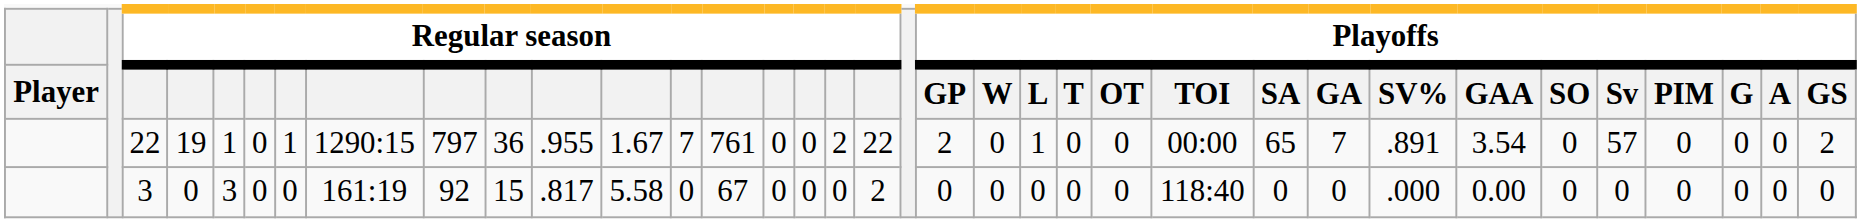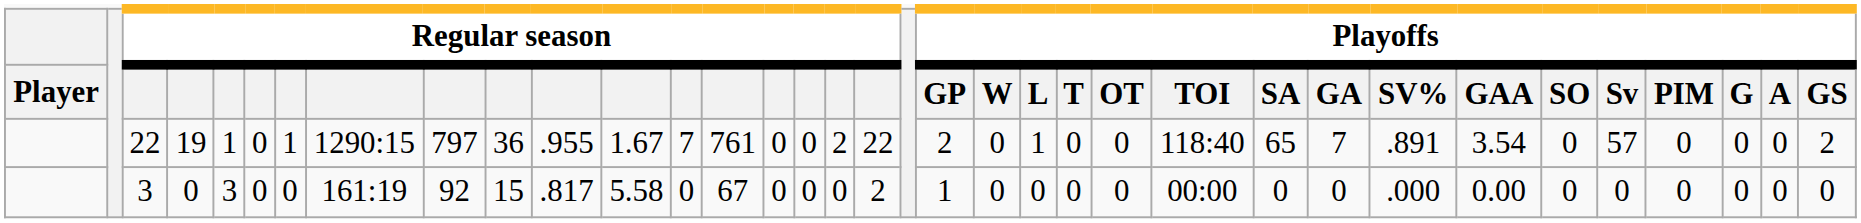 <table class="wikitable" style="text-align:center; width: 60em">
 <tr>
 <th></th>
 <th rowspan="4"></th>
 <th colspan="16" style="background:#fff; border-top:#FDB825 5px solid;border-bottom:#000 5px solid;">Regular season</th>
 <th rowspan="4" bgcolor="#fff"></th>
 <th colspan="16" style="background:#fff; border-top:#FDB825 5px solid;border-bottom:#000 5px solid;">Playoffs</th>
 </tr>
 <tr>
 <th>Player</th>
 <th></th>
 <th></th>
 <th></th>
 <th></th>
 <th></th>
 <th></th>
 <th></th>
 <th></th>
 <th></th>
 <th></th>
 <th></th>
 <th></th>
 <th></th>
 <th></th>
 <th></th>
 <th></th>
 <th>GP</th>
 <th>W</th>
 <th>L</th>
 <th>T</th>
 <th>OT</th>
 <th>TOI</th>
 <th>SA</th>
 <th>GA</th>
 <th>SV%</th>
 <th>GAA</th>
 <th>SO</th>
 <th>Sv</th>
 <th>PIM</th>
 <th>G</th>
 <th>A</th>
 <th>GS</th>
 </tr>
 <tr>
 <td style="text-align:left;"></td>
 <td>22</td>
 <td>19</td>
 <td>1</td>
 <td>0</td>
 <td>1</td>
 <td>1290:15</td>
 <td>797</td>
 <td>36</td>
 <td>.955</td>
 <td>1.67</td>
 <td>7</td>
 <td>761</td>
 <td>0</td>
 <td>0</td>
 <td>2</td>
 <td>22</td>
 <td>2</td>
 <td>0</td>
 <td>1</td>
 <td>0</td>
 <td>0</td>
-<td>00:00</td>
+<td>118:40</td>
 <td>65</td>
 <td>7</td>
 <td>.891</td>
 <td>3.54</td>
 <td>0</td>
 <td>57</td>
 <td>0</td>
 <td>0</td>
 <td>0</td>
 <td>2</td>
 </tr>
 <tr>
 <td style="text-align:left;"></td>
 <td>3</td>
 <td>0</td>
 <td>3</td>
 <td>0</td>
 <td>0</td>
 <td>161:19</td>
 <td>92</td>
 <td>15</td>
 <td>.817</td>
 <td>5.58</td>
 <td>0</td>
 <td>67</td>
 <td>0</td>
 <td>0</td>
 <td>0</td>
 <td>2</td>
+<td>1</td>
 <td>0</td>
 <td>0</td>
 <td>0</td>
 <td>0</td>
-<td>0</td>
-<td>118:40</td>
+<td>00:00</td>
 <td>0</td>
 <td>0</td>
 <td>.000</td>
 <td>0.00</td>
 <td>0</td>
 <td>0</td>
 <td>0</td>
 <td>0</td>
 <td>0</td>
 <td>0</td>
 </tr>
 </table>
